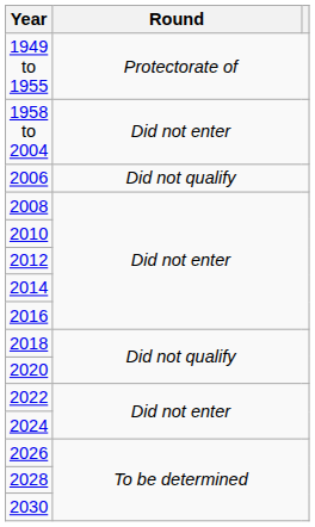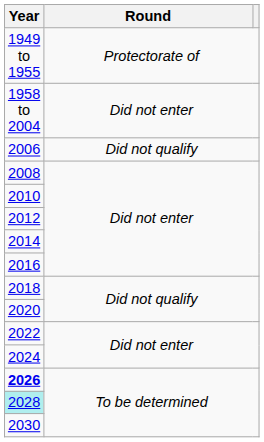 <table class="wikitable" style="text-align: center; font-size:90%">
 <tr>
 <th>Year</th>
 <th style="width:200px">Round</th>
 <th></th>
 </tr>
 <tr>
 <td><a href='#'>1949</a><br>to<br><a href='#'>1955</a></td>
 <td colspan="2"><em>Protectorate of </em></td>
 </tr>
 <tr>
 <td><a href='#'>1958</a><br>to<br><a href='#'>2004</a></td>
 <td colspan="2"><em>Did not enter</em></td>
 </tr>
 <tr>
 <td><a href='#'>2006</a></td>
 <td colspan="2"><em>Did not qualify</em></td>
 </tr>
 <tr>
 <td><a href='#'>2008</a></td>
 <td colspan="2" rowspan="5"><em>Did not enter</em></td>
 </tr>
 <tr>
 <td><a href='#'>2010</a></td>
 </tr>
 <tr>
 <td><a href='#'>2012</a></td>
 </tr>
 <tr>
 <td><a href='#'>2014</a></td>
 </tr>
 <tr>
 <td><a href='#'>2016</a></td>
 </tr>
 <tr>
 <td><a href='#'>2018</a></td>
 <td colspan="2" rowspan="2"><em>Did not qualify</em></td>
 </tr>
 <tr>
 <td><a href='#'>2020</a></td>
 </tr>
 <tr>
 <td><a href='#'>2022</a></td>
 <td colspan="2" rowspan="2"><em>Did not enter</em></td>
 </tr>
 <tr>
 <td><a href='#'>2024</a></td>
 </tr>
 <tr>
-<td><a href='#'>2026</a></td>
+<td><strong><a href='#'>2026</a></strong></td>
 <td colspan="2" rowspan="3"><em>To be determined</em></td>
 </tr>
 <tr>
-<td><a href='#'>2028</a></td>
+<td style="background: paleturquoise;"><a href='#'>2028</a></td>
 </tr>
 <tr>
 <td><a href='#'>2030</a></td>
 </tr>
 </table>
